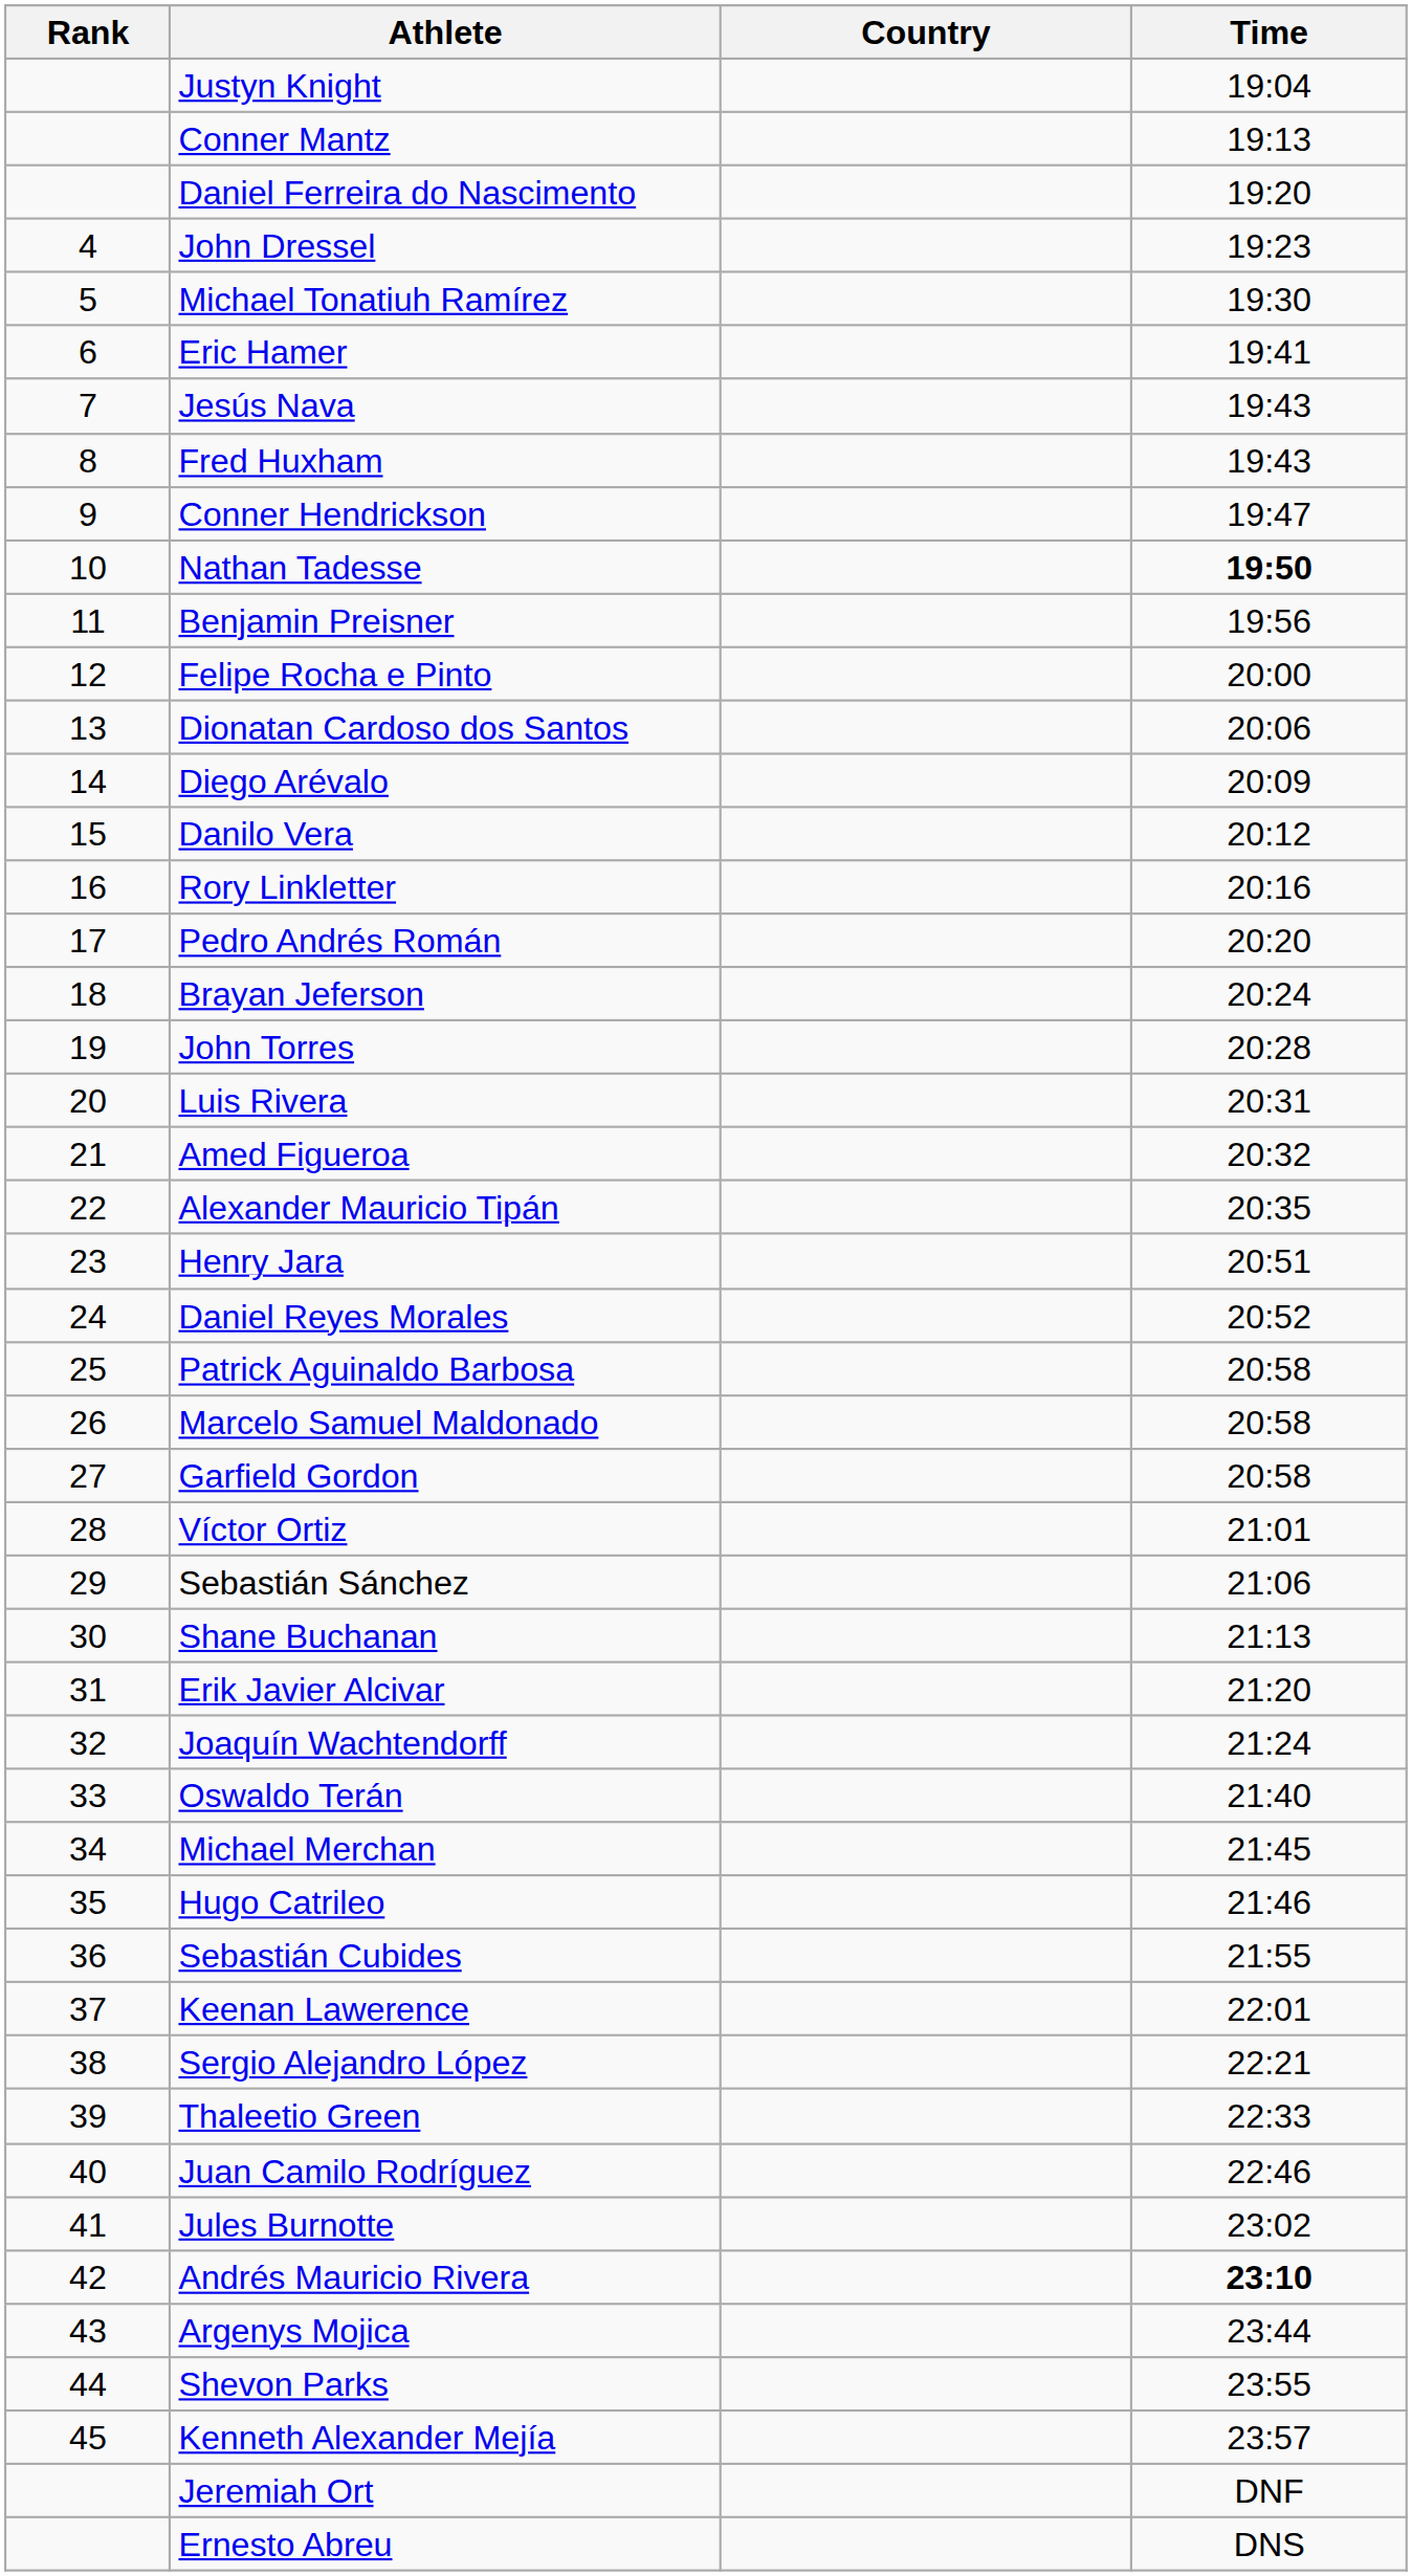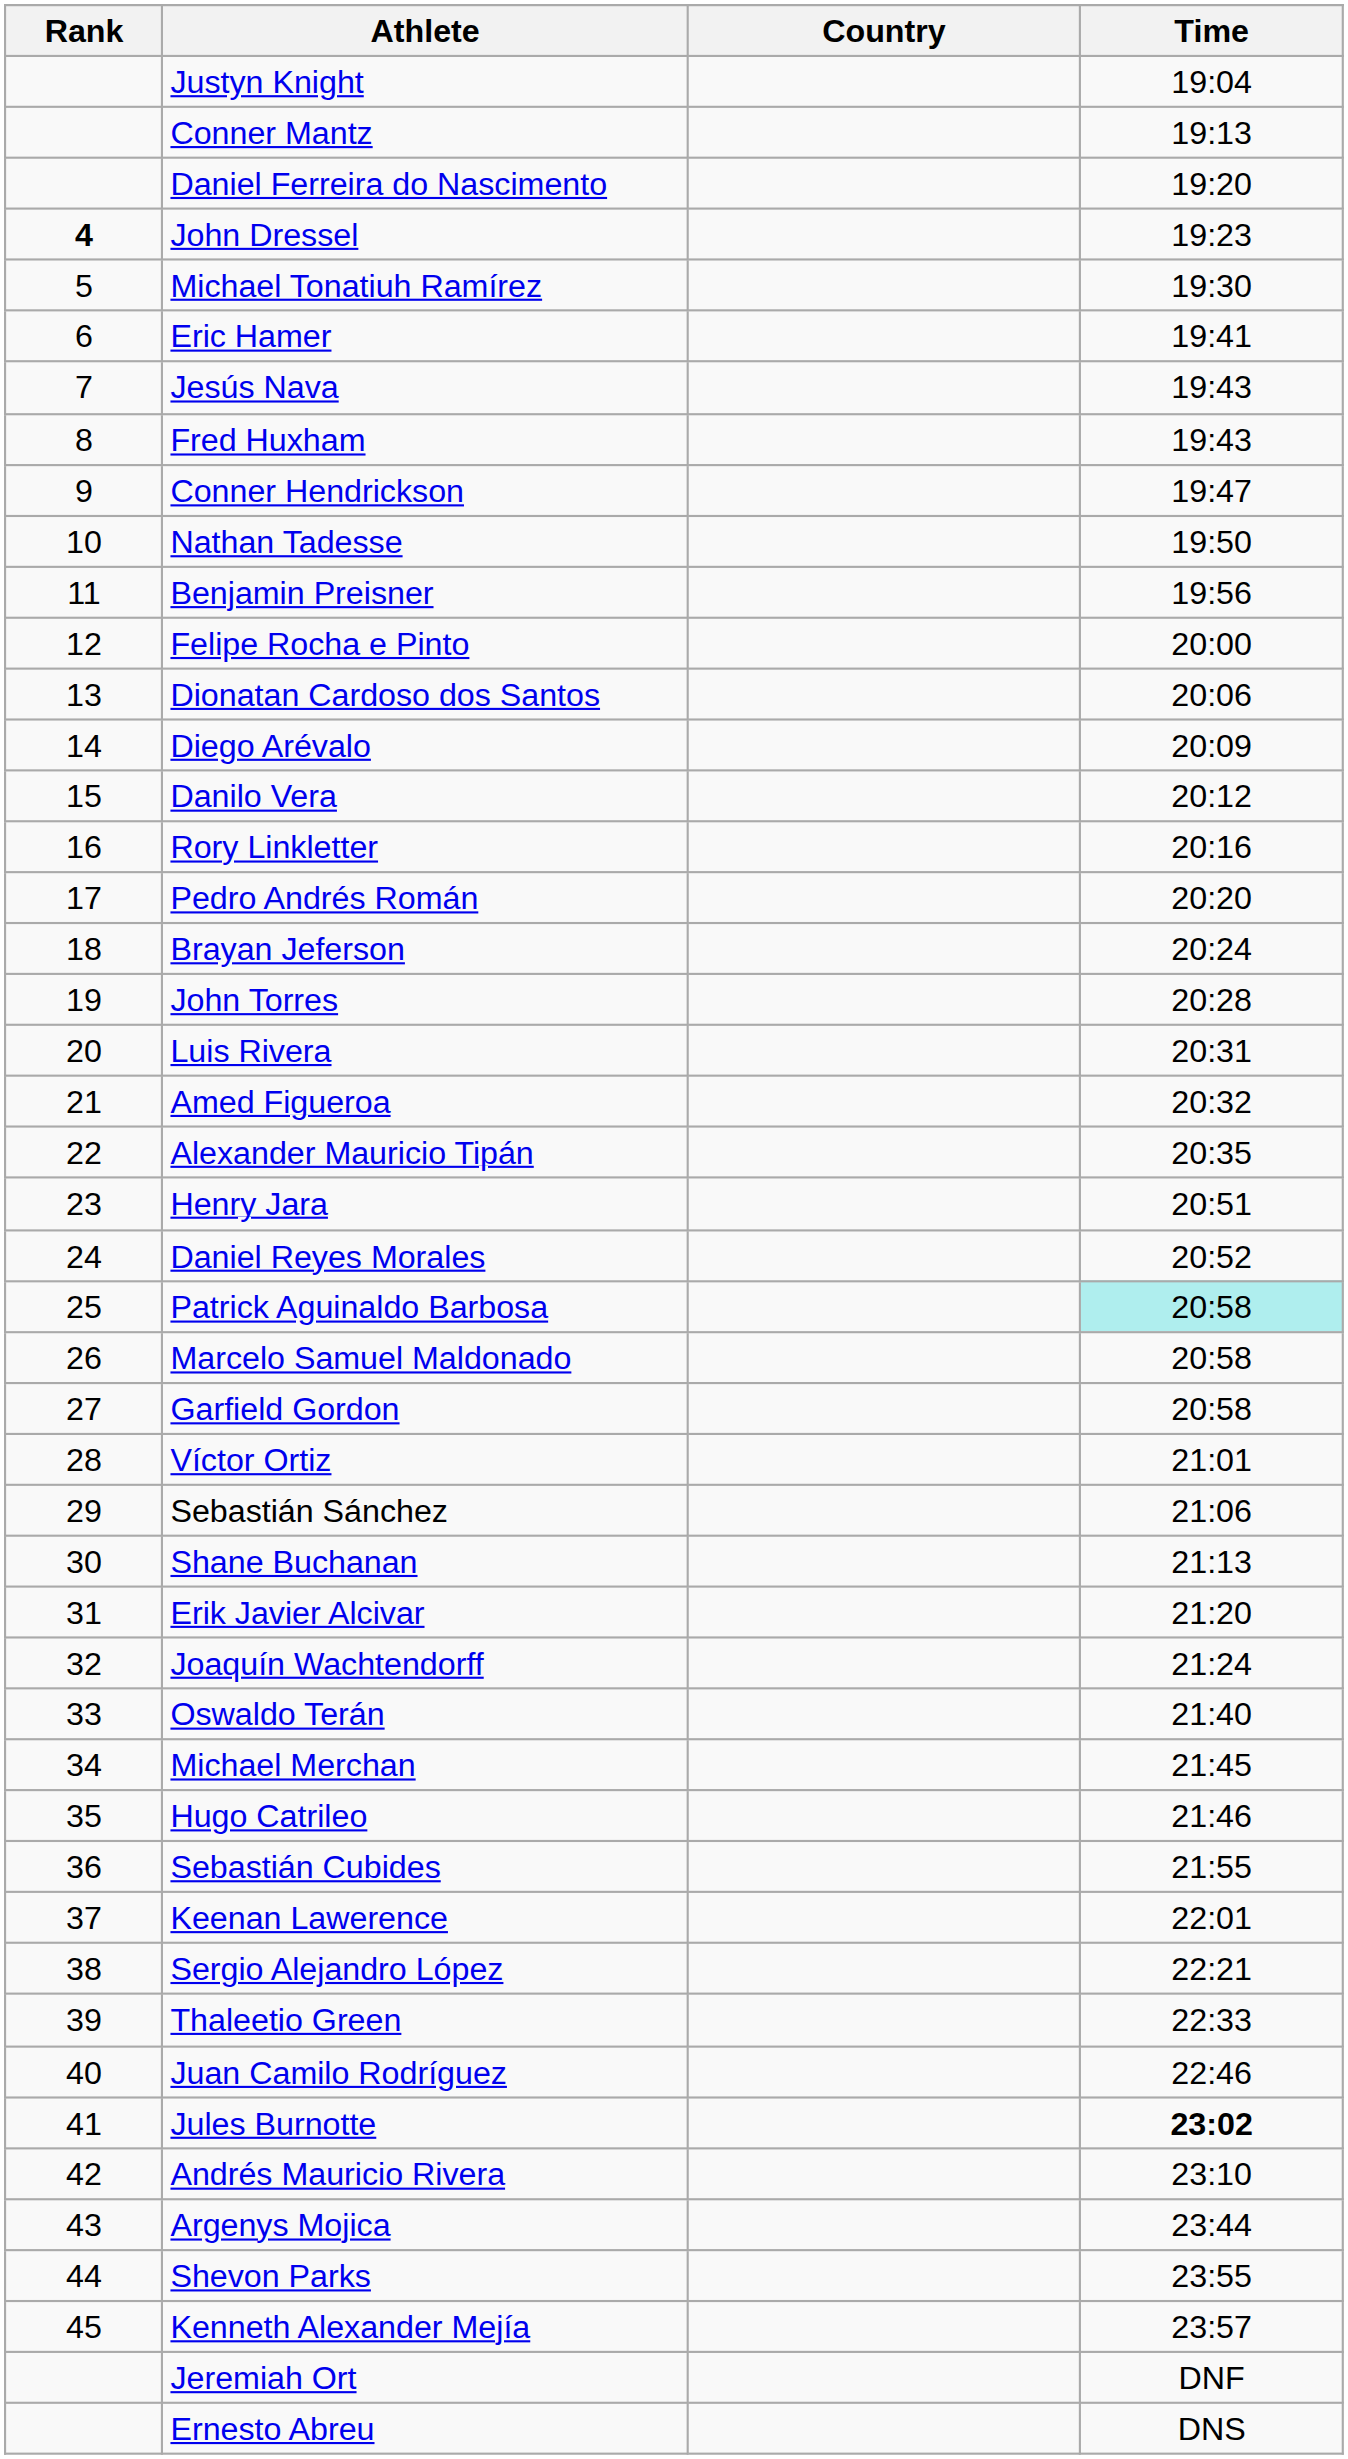 <table class="wikitable sortable" style=" text-align:center; font-size:95%;" width="50%">
 <tr>
 </tr>
 <tr>
 <th width=5%>Rank</th>
 <th width=20%>Athlete</th>
 <th width=15%>Country</th>
 <th width=10%>Time</th>
 </tr>
 <tr>
 <td align=center></td>
 <td align=left><a href='#'>Justyn Knight</a></td>
 <td align=left></td>
 <td>19:04</td>
 </tr>
 <tr>
 <td align=center></td>
 <td align=left><a href='#'>Conner Mantz</a></td>
 <td align=left></td>
 <td>19:13</td>
 </tr>
 <tr>
 <td align=center></td>
 <td align=left><a href='#'>Daniel Ferreira do Nascimento</a></td>
 <td align=left></td>
 <td>19:20</td>
 </tr>
 <tr>
-<td align=center>4</td>
+<td align=center><strong>4</strong></td>
 <td align=left><a href='#'>John Dressel</a></td>
 <td align=left></td>
 <td>19:23</td>
 </tr>
 <tr>
 <td align=center>5</td>
 <td align=left><a href='#'>Michael Tonatiuh Ramírez</a></td>
 <td align=left></td>
 <td>19:30</td>
 </tr>
 <tr>
 <td align=center>6</td>
 <td align=left><a href='#'>Eric Hamer</a></td>
 <td align=left></td>
 <td>19:41</td>
 </tr>
 <tr>
 <td align=center>7</td>
 <td align=left><a href='#'>Jesús Nava</a></td>
 <td align=left></td>
 <td>19:43</td>
 </tr>
 <tr>
 <td align=center>8</td>
 <td align=left><a href='#'>Fred Huxham</a></td>
 <td align=left></td>
 <td>19:43</td>
 </tr>
 <tr>
 <td align=center>9</td>
 <td align=left><a href='#'>Conner Hendrickson</a></td>
 <td align=left></td>
 <td>19:47</td>
 </tr>
 <tr>
 <td align=center>10</td>
 <td align=left><a href='#'>Nathan Tadesse</a></td>
 <td align=left></td>
-<td><strong>19:50</strong></td>
+<td>19:50</td>
 </tr>
 <tr>
 <td align=center>11</td>
 <td align=left><a href='#'>Benjamin Preisner</a></td>
 <td align=left></td>
 <td>19:56</td>
 </tr>
 <tr>
 <td align=center>12</td>
 <td align=left><a href='#'>Felipe Rocha e Pinto</a></td>
 <td align=left></td>
 <td>20:00</td>
 </tr>
 <tr>
 <td align=center>13</td>
 <td align=left><a href='#'>Dionatan Cardoso dos Santos</a></td>
 <td align=left></td>
 <td>20:06</td>
 </tr>
 <tr>
 <td align=center>14</td>
 <td align=left><a href='#'>Diego Arévalo</a></td>
 <td align=left></td>
 <td>20:09</td>
 </tr>
 <tr>
 <td align=center>15</td>
 <td align=left><a href='#'>Danilo Vera</a></td>
 <td align=left></td>
 <td>20:12</td>
 </tr>
 <tr>
 <td align=center>16</td>
 <td align=left><a href='#'>Rory Linkletter</a></td>
 <td align=left></td>
 <td>20:16</td>
 </tr>
 <tr>
 <td align=center>17</td>
 <td align=left><a href='#'>Pedro Andrés Román</a></td>
 <td align=left></td>
 <td>20:20</td>
 </tr>
 <tr>
 <td align=center>18</td>
 <td align=left><a href='#'>Brayan Jeferson</a></td>
 <td align=left></td>
 <td>20:24</td>
 </tr>
 <tr>
 <td align=center>19</td>
 <td align=left><a href='#'>John Torres</a></td>
 <td align=left></td>
 <td>20:28</td>
 </tr>
 <tr>
 <td align=center>20</td>
 <td align=left><a href='#'>Luis Rivera</a></td>
 <td align=left></td>
 <td>20:31</td>
 </tr>
 <tr>
 <td align=center>21</td>
 <td align=left><a href='#'>Amed Figueroa</a></td>
 <td align=left></td>
 <td>20:32</td>
 </tr>
 <tr>
 <td align=center>22</td>
 <td align=left><a href='#'>Alexander Mauricio Tipán</a></td>
 <td align=left></td>
 <td>20:35</td>
 </tr>
 <tr>
 <td align=center>23</td>
 <td align=left><a href='#'>Henry Jara</a></td>
 <td align=left></td>
 <td>20:51</td>
 </tr>
 <tr>
 <td align=center>24</td>
 <td align=left><a href='#'>Daniel Reyes Morales</a></td>
 <td align=left></td>
 <td>20:52</td>
 </tr>
 <tr>
 <td align=center>25</td>
 <td align=left><a href='#'>Patrick Aguinaldo Barbosa</a></td>
 <td align=left></td>
-<td>20:58</td>
+<td style="background: paleturquoise;">20:58</td>
 </tr>
 <tr>
 <td align=center>26</td>
 <td align=left><a href='#'>Marcelo Samuel Maldonado</a></td>
 <td align=left></td>
 <td>20:58</td>
 </tr>
 <tr>
 <td align=center>27</td>
 <td align=left><a href='#'>Garfield Gordon</a></td>
 <td align=left></td>
 <td>20:58</td>
 </tr>
 <tr>
 <td align=center>28</td>
 <td align=left><a href='#'>Víctor Ortiz</a></td>
 <td align=left></td>
 <td>21:01</td>
 </tr>
 <tr>
 <td align=center>29</td>
 <td align=left>Sebastián Sánchez</td>
 <td align=left></td>
 <td>21:06</td>
 </tr>
 <tr>
 <td align=center>30</td>
 <td align=left><a href='#'>Shane Buchanan</a></td>
 <td align=left></td>
 <td>21:13</td>
 </tr>
 <tr>
 <td align=center>31</td>
 <td align=left><a href='#'>Erik Javier Alcivar</a></td>
 <td align=left></td>
 <td>21:20</td>
 </tr>
 <tr>
 <td align=center>32</td>
 <td align=left><a href='#'>Joaquín Wachtendorff</a></td>
 <td align=left></td>
 <td>21:24</td>
 </tr>
 <tr>
 <td align=center>33</td>
 <td align=left><a href='#'>Oswaldo Terán</a></td>
 <td align=left></td>
 <td>21:40</td>
 </tr>
 <tr>
 <td align=center>34</td>
 <td align=left><a href='#'>Michael Merchan</a></td>
 <td align=left></td>
 <td>21:45</td>
 </tr>
 <tr>
 <td align=center>35</td>
 <td align=left><a href='#'>Hugo Catrileo</a></td>
 <td align=left></td>
 <td>21:46</td>
 </tr>
 <tr>
 <td align=center>36</td>
 <td align=left><a href='#'>Sebastián Cubides</a></td>
 <td align=left></td>
 <td>21:55</td>
 </tr>
 <tr>
 <td align=center>37</td>
 <td align=left><a href='#'>Keenan Lawerence</a></td>
 <td align=left></td>
 <td>22:01</td>
 </tr>
 <tr>
 <td align=center>38</td>
 <td align=left><a href='#'>Sergio Alejandro López</a></td>
 <td align=left></td>
 <td>22:21</td>
 </tr>
 <tr>
 <td align=center>39</td>
 <td align=left><a href='#'>Thaleetio Green</a></td>
 <td align=left></td>
 <td>22:33</td>
 </tr>
 <tr>
 <td align=center>40</td>
 <td align=left><a href='#'>Juan Camilo Rodríguez</a></td>
 <td align=left></td>
 <td>22:46</td>
 </tr>
 <tr>
 <td align=center>41</td>
 <td align=left><a href='#'>Jules Burnotte</a></td>
 <td align=left></td>
-<td>23:02</td>
+<td><strong>23:02</strong></td>
 </tr>
 <tr>
 <td align=center>42</td>
 <td align=left><a href='#'>Andrés Mauricio Rivera</a></td>
 <td align=left></td>
-<td><strong>23:10</strong></td>
+<td>23:10</td>
 </tr>
 <tr>
 <td align=center>43</td>
 <td align=left><a href='#'>Argenys Mojica</a></td>
 <td align=left></td>
 <td>23:44</td>
 </tr>
 <tr>
 <td align=center>44</td>
 <td align=left><a href='#'>Shevon Parks</a></td>
 <td align=left></td>
 <td>23:55</td>
 </tr>
 <tr>
 <td align=center>45</td>
 <td align=left><a href='#'>Kenneth Alexander Mejía</a></td>
 <td align=left></td>
 <td>23:57</td>
 </tr>
 <tr>
 <td align=center></td>
 <td align=left><a href='#'>Jeremiah Ort</a></td>
 <td align=left></td>
 <td>DNF</td>
 </tr>
 <tr>
 <td align=center></td>
 <td align=left><a href='#'>Ernesto Abreu</a></td>
 <td align=left></td>
 <td>DNS</td>
 </tr>
 </table>
